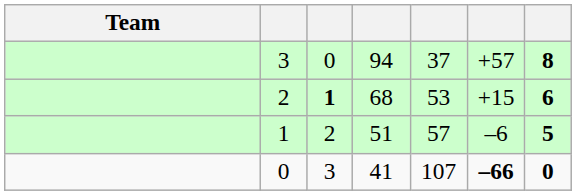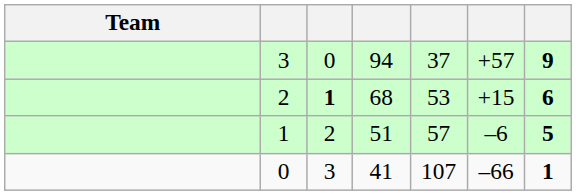 <table class="wikitable" style="text-align:center;">
 <tr>
 <th style="width:10.5em;">Team</th>
 <th style="width:1.5em;"></th>
 <th style="width:1.5em;"></th>
 <th style="width:2.0em;"></th>
 <th style="width:2.0em;"></th>
 <th style="width:2.0em;"></th>
 <th style="width:1.5em;"></th>
 </tr>
 <tr bgcolor=#cfc>
 <td align="left"></td>
 <td>3</td>
 <td>0</td>
 <td>94</td>
 <td>37</td>
 <td>+57</td>
-<td><strong>8</strong></td>
+<td><strong>9</strong></td>
 </tr>
 <tr bgcolor=#cfc>
 <td align="left"></td>
 <td>2</td>
 <td><strong>1</strong></td>
 <td>68</td>
 <td>53</td>
 <td>+15</td>
 <td><strong>6</strong></td>
 </tr>
 <tr bgcolor=#cfc>
 <td align="left"></td>
 <td>1</td>
 <td>2</td>
 <td>51</td>
 <td>57</td>
 <td>–6</td>
 <td><strong>5</strong></td>
 </tr>
 <tr>
 <td align="left"></td>
 <td>0</td>
 <td>3</td>
 <td>41</td>
 <td>107</td>
-<td><strong>–66</strong></td>
-<td><strong>0</strong></td>
+<td>–66</td>
+<td><strong>1</strong></td>
 </tr>
 </table>
